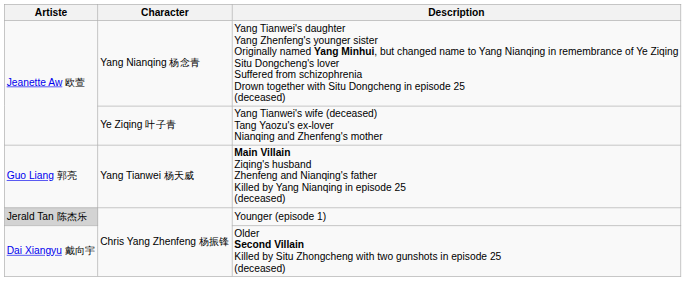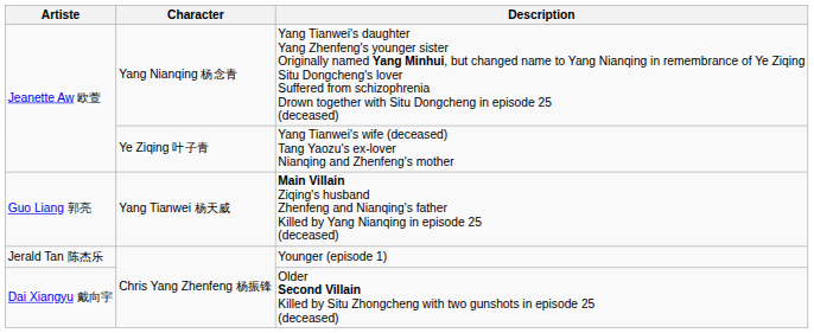 <table class="wikitable">
 <tr>
 <th>Artiste</th>
 <th>Character</th>
 <th>Description</th>
 </tr>
 <tr>
 <td rowspan="2"><a href='#'>Jeanette Aw</a> 欧萱</td>
 <td>Yang Nianqing 杨念青</td>
 <td>Yang Tianwei's daughter<br> Yang Zhenfeng's younger sister<br>Originally named <strong>Yang Minhui</strong>, but changed name to Yang Nianqing in remembrance of Ye Ziqing <br>Situ Dongcheng's lover<br>Suffered from schizophrenia<br>Drown together with Situ Dongcheng in episode 25<br>(deceased)</td>
 </tr>
 <tr>
 <td>Ye Ziqing 叶子青</td>
 <td>Yang Tianwei's wife (deceased)<br>Tang Yaozu's ex-lover<br>Nianqing and Zhenfeng's mother</td>
 </tr>
 <tr>
 <td><a href='#'>Guo Liang</a> 郭亮</td>
 <td>Yang Tianwei 杨天威</td>
 <td><strong>Main Villain</strong><br>Ziqing's husband<br>Zhenfeng and Nianqing's father<br>Killed by Yang Nianqing in episode 25<br>(deceased)</td>
 </tr>
 <tr>
-<td style="background: lightgrey;">Jerald Tan 陈杰乐</td>
+<td>Jerald Tan 陈杰乐</td>
 <td rowspan="2">Chris Yang Zhenfeng 杨振锋</td>
 <td>Younger (episode 1)</td>
 </tr>
 <tr>
 <td><a href='#'>Dai Xiangyu</a> 戴向宇</td>
 <td>Older<br><strong>Second Villain</strong><br>Killed by Situ Zhongcheng with two gunshots in episode 25<br>(deceased)</td>
 </tr>
 </table>
